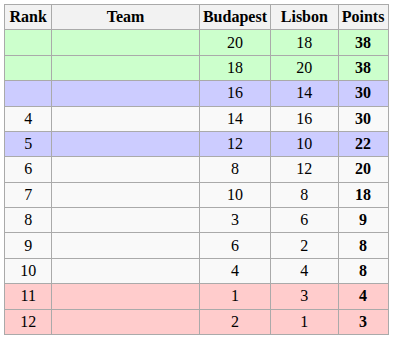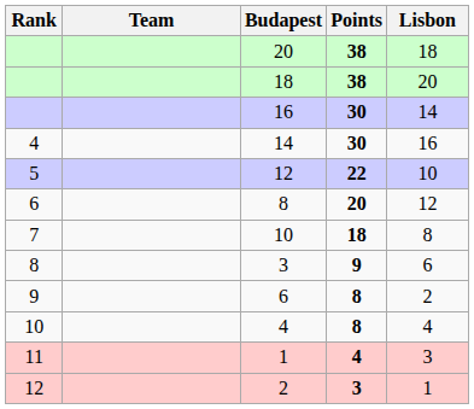 <table class="wikitable" style="text-align: center;">
 <tr>
 <th width=40>Rank</th>
 <th width=140>Team</th>
 <th width=60>Budapest</th>
+<th width=40>Points</th>
 <th width=60>Lisbon</th>
-<th width=40>Points</th>
 </tr>
 <tr bgcolor=ccffcc>
 <td></td>
 <td align=left></td>
 <td>20</td>
+<td><strong>38</strong></td>
 <td>18</td>
-<td><strong>38</strong></td>
 </tr>
 <tr bgcolor=ccffcc>
 <td></td>
 <td align=left></td>
 <td>18</td>
+<td><strong>38</strong></td>
 <td>20</td>
-<td><strong>38</strong></td>
 </tr>
 <tr bgcolor=ccccff>
 <td></td>
 <td align=left></td>
 <td>16</td>
+<td><strong>30</strong></td>
 <td>14</td>
-<td><strong>30</strong></td>
 </tr>
 <tr>
 <td>4</td>
 <td align=left></td>
 <td>14</td>
+<td><strong>30</strong></td>
 <td>16</td>
-<td><strong>30</strong></td>
 </tr>
 <tr bgcolor=ccccff>
 <td>5</td>
 <td align=left></td>
 <td>12</td>
+<td><strong>22</strong></td>
 <td>10</td>
-<td><strong>22</strong></td>
 </tr>
 <tr>
 <td>6</td>
 <td align=left></td>
 <td>8</td>
+<td><strong>20</strong></td>
 <td>12</td>
-<td><strong>20</strong></td>
 </tr>
 <tr>
 <td>7</td>
 <td align=left></td>
 <td>10</td>
+<td><strong>18</strong></td>
 <td>8</td>
-<td><strong>18</strong></td>
 </tr>
 <tr>
 <td>8</td>
 <td align=left></td>
 <td>3</td>
+<td><strong>9</strong></td>
 <td>6</td>
-<td><strong>9</strong></td>
 </tr>
 <tr>
 <td>9</td>
 <td align=left></td>
 <td>6</td>
+<td><strong>8</strong></td>
 <td>2</td>
-<td><strong>8</strong></td>
 </tr>
 <tr>
 <td>10</td>
 <td align=left></td>
 <td>4</td>
+<td><strong>8</strong></td>
 <td>4</td>
-<td><strong>8</strong></td>
 </tr>
 <tr bgcolor=ffcccc>
 <td>11</td>
 <td align=left></td>
 <td>1</td>
+<td><strong>4</strong></td>
 <td>3</td>
-<td><strong>4</strong></td>
 </tr>
 <tr bgcolor=ffcccc>
 <td>12</td>
 <td align=left></td>
 <td>2</td>
+<td><strong>3</strong></td>
 <td>1</td>
-<td><strong>3</strong></td>
 </tr>
 </table>
